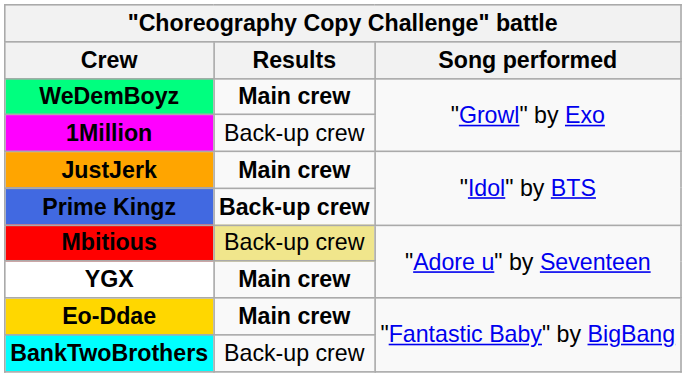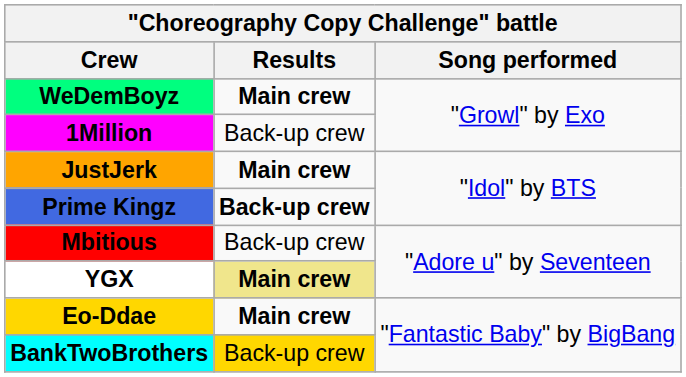 <table class="wikitable mw-collapsible mw-collapsed"  style="text-align:center; font-size:90%">
 <tr>
 <th colspan="3">"Choreography Copy Challenge" battle</th>
 </tr>
 <tr style="background:#f2f2f2;">
 <th scope="col">Crew</th>
 <th scope="col">Results</th>
 <th scope="col">Song performed</th>
 </tr>
 <tr>
 <td style="background:springgreen"><strong>WeDemBoyz</strong></td>
 <td><strong>Main crew</strong></td>
 <td rowspan="2">"<a href='#'>Growl</a>" by <a href='#'>Exo</a></td>
 </tr>
 <tr>
 <td style="background:magenta"><strong>1Million</strong></td>
 <td>Back-up crew</td>
 </tr>
 <tr>
 <td style="background:orange"><strong>JustJerk</strong></td>
 <td><strong>Main crew</strong></td>
 <td rowspan="2">"<a href='#'>Idol</a>" by <a href='#'>BTS</a></td>
 </tr>
 <tr>
 <td style="background:royalblue"><strong>Prime Kingz</strong></td>
 <td><strong>Back-up crew</strong></td>
 </tr>
 <tr>
 <td style="background:red"><strong>Mbitious</strong></td>
-<td style="background: khaki;">Back-up crew</td>
+<td>Back-up crew</td>
 <td rowspan="2">"<a href='#'>Adore u</a>" by <a href='#'>Seventeen</a></td>
 </tr>
 <tr>
 <td style="background:white"><strong>YGX</strong></td>
-<td><strong>Main crew</strong></td>
+<td style="background: khaki;"><strong>Main crew</strong></td>
 </tr>
 <tr>
 <td style="background:gold"><strong>Eo-Ddae</strong></td>
 <td><strong>Main crew</strong></td>
 <td rowspan="2">"<a href='#'>Fantastic Baby</a>" by <a href='#'>BigBang</a></td>
 </tr>
 <tr>
 <td style="background:aqua"><strong>BankTwoBrothers</strong></td>
-<td>Back-up crew</td>
+<td style="background: gold;">Back-up crew</td>
 </tr>
 </table>
